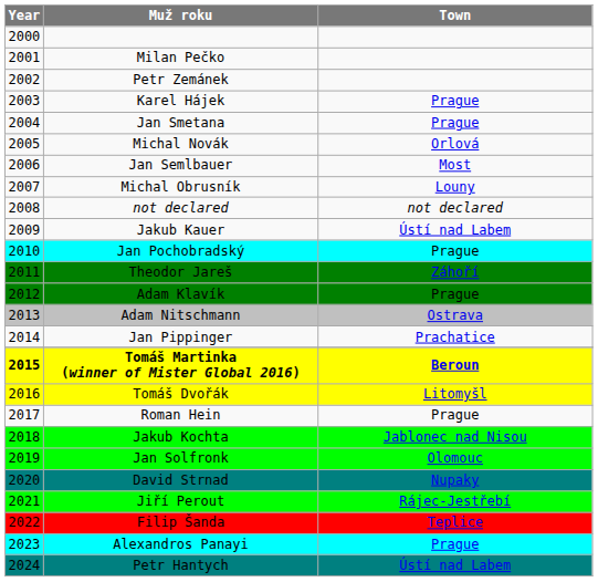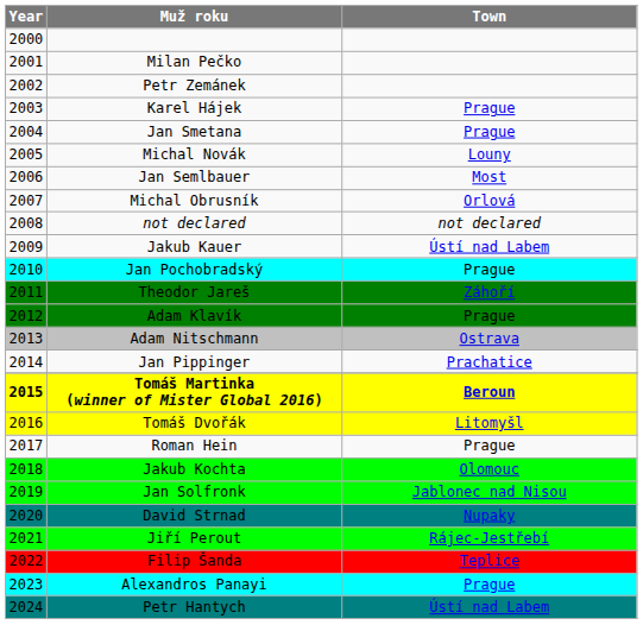 <table class="wikitable sortable" style="font-size: 95%; text-align:center">
 <tr>
 <th width="30" style="background-color:#787878;color:#FFFFFF;">Year</th>
 <th width="250" style="background-color:#787878;color:#FFFFFF;">Muž roku</th>
 <th width="250" style="background-color:#787878;color:#FFFFFF;">Town</th>
 </tr>
 <tr>
 <td>2000</td>
 <td></td>
 <td></td>
 </tr>
 <tr>
 <td>2001</td>
 <td>Milan Pečko</td>
 <td></td>
 </tr>
 <tr>
 <td>2002</td>
 <td>Petr Zemánek</td>
 <td></td>
 </tr>
 <tr>
 <td>2003</td>
 <td>Karel Hájek</td>
 <td><a href='#'>Prague</a></td>
 </tr>
 <tr>
 <td>2004</td>
 <td>Jan Smetana</td>
 <td><a href='#'>Prague</a></td>
 </tr>
 <tr>
 <td>2005</td>
 <td>Michal Novák</td>
-<td><a href='#'>Orlová</a></td>
+<td><a href='#'>Louny</a></td>
 </tr>
 <tr>
 <td>2006</td>
 <td>Jan Semlbauer</td>
 <td><a href='#'>Most</a></td>
 </tr>
 <tr>
 <td>2007</td>
 <td>Michal Obrusník</td>
-<td><a href='#'>Louny</a></td>
+<td><a href='#'>Orlová</a></td>
 </tr>
 <tr>
 <td>2008</td>
 <td><em>not declared</em></td>
 <td><em>not declared</em></td>
 </tr>
 <tr>
 <td>2009</td>
 <td>Jakub Kauer</td>
 <td><a href='#'>Ústí nad Labem</a></td>
 </tr>
 <tr style="background-color: aqua">
 <td>2010</td>
 <td>Jan Pochobradský</td>
 <td>Prague</td>
 </tr>
 <tr style="background-color: green">
 <td>2011</td>
 <td>Theodor Jareš</td>
 <td><a href='#'>Záhoří</a></td>
 </tr>
 <tr style="background-color: green">
 <td>2012</td>
 <td>Adam Klavík</td>
 <td>Prague</td>
 </tr>
 <tr style="background-color: silver">
 <td>2013</td>
 <td>Adam Nitschmann</td>
 <td><a href='#'>Ostrava</a></td>
 </tr>
 <tr>
 <td>2014</td>
 <td>Jan Pippinger</td>
 <td><a href='#'>Prachatice</a></td>
 </tr>
 <tr>
 </tr>
 <tr style="background-color: yellow; font-weight: bold">
 <td>2015</td>
 <td>Tomáš Martinka<br>(<em>winner of Mister Global 2016</em>)</td>
 <td><a href='#'>Beroun</a></td>
 </tr>
 <tr style="background-color: yellow">
 <td>2016</td>
 <td>Tomáš Dvořák</td>
 <td><a href='#'>Litomyšl</a></td>
 </tr>
 <tr>
 <td>2017</td>
 <td>Roman Hein</td>
 <td>Prague</td>
 </tr>
 <tr style="background-color: lime">
 <td>2018</td>
 <td>Jakub Kochta</td>
-<td><a href='#'>Jablonec nad Nisou</a></td>
+<td><a href='#'>Olomouc</a></td>
 </tr>
 <tr style="background-color: lime">
 <td>2019</td>
 <td>Jan Solfronk</td>
-<td><a href='#'>Olomouc</a></td>
+<td><a href='#'>Jablonec nad Nisou</a></td>
 </tr>
 <tr style="background-color: teal">
 <td>2020</td>
 <td>David Strnad</td>
 <td><a href='#'>Nupaky</a></td>
 </tr>
 <tr style="background-color: lime">
 <td>2021</td>
 <td>Jiří Perout</td>
 <td><a href='#'>Rájec-Jestřebí</a></td>
 </tr>
 <tr style="background-color: red">
 <td>2022</td>
 <td>Filip Šanda</td>
 <td><a href='#'>Teplice</a></td>
 </tr>
 <tr style="background-color: aqua">
 <td>2023</td>
 <td>Alexandros Panayi</td>
 <td><a href='#'>Prague</a></td>
 </tr>
 <tr style="background-color: teal">
 <td>2024</td>
 <td>Petr Hantych</td>
 <td><a href='#'>Ústí nad Labem</a></td>
 </tr>
 </table>
